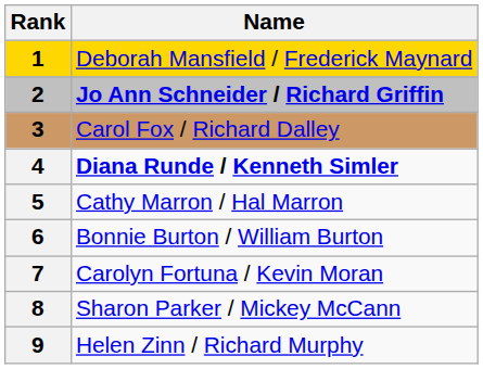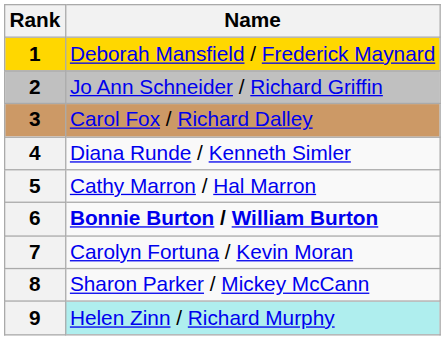 <table class="wikitable">
 <tr>
 <th>Rank</th>
 <th>Name</th>
 </tr>
 <tr bgcolor="gold">
 <td align="center"><strong>1</strong></td>
 <td><a href='#'>Deborah Mansfield</a> / <a href='#'>Frederick Maynard</a></td>
 </tr>
 <tr bgcolor="silver">
 <td align="center"><strong>2</strong></td>
-<td><strong><a href='#'>Jo Ann Schneider</a> / <a href='#'>Richard Griffin</a></strong></td>
+<td><a href='#'>Jo Ann Schneider</a> / <a href='#'>Richard Griffin</a></td>
 </tr>
 <tr bgcolor="cc9966">
 <td align="center"><strong>3</strong></td>
 <td><a href='#'>Carol Fox</a> / <a href='#'>Richard Dalley</a></td>
 </tr>
 <tr>
 <th>4</th>
-<td><strong><a href='#'>Diana Runde</a> / <a href='#'>Kenneth Simler</a></strong></td>
+<td><a href='#'>Diana Runde</a> / <a href='#'>Kenneth Simler</a></td>
 </tr>
 <tr>
 <th>5</th>
 <td><a href='#'>Cathy Marron</a> / <a href='#'>Hal Marron</a></td>
 </tr>
 <tr>
 <th>6</th>
-<td><a href='#'>Bonnie Burton</a> / <a href='#'>William Burton</a></td>
+<td><strong><a href='#'>Bonnie Burton</a> / <a href='#'>William Burton</a></strong></td>
 </tr>
 <tr>
 <th>7</th>
 <td><a href='#'>Carolyn Fortuna</a> / <a href='#'>Kevin Moran</a></td>
 </tr>
 <tr>
 <th>8</th>
 <td><a href='#'>Sharon Parker</a> / <a href='#'>Mickey McCann</a></td>
 </tr>
 <tr>
 <th>9</th>
-<td><a href='#'>Helen Zinn</a> / <a href='#'>Richard Murphy</a></td>
+<td style="background: paleturquoise;"><a href='#'>Helen Zinn</a> / <a href='#'>Richard Murphy</a></td>
 </tr>
 </table>
